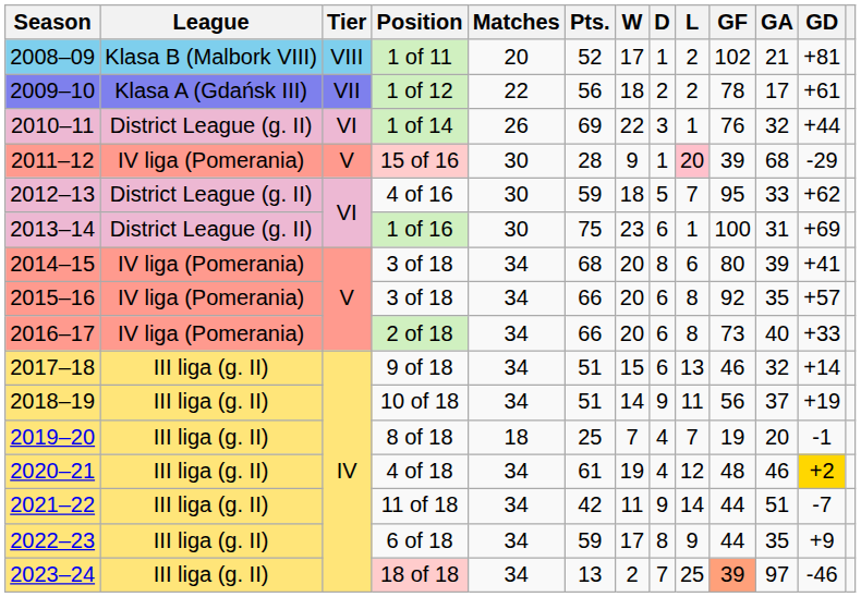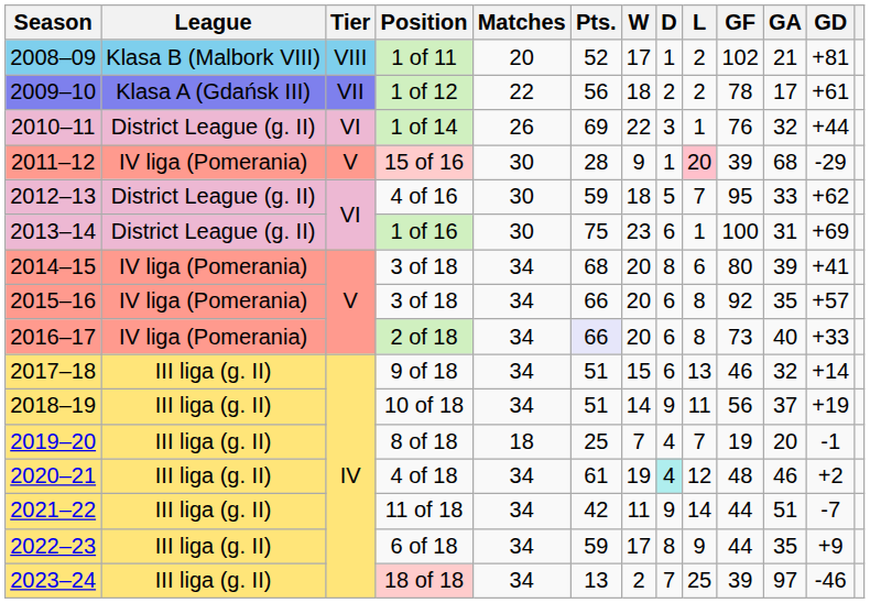 <table class="wikitable" style="text-align: center">
 <tr>
 <th>Season</th>
 <th>League</th>
 <th>Tier</th>
 <th>Position</th>
 <th>Matches</th>
 <th>Pts.</th>
 <th>W</th>
 <th>D</th>
 <th>L</th>
 <th>GF</th>
 <th>GA</th>
 <th>GD</th>
 <th></th>
 </tr>
 <tr>
 <td bgcolor="#7ECFED">2008–09</td>
 <td bgcolor="#7ECFED">Klasa B (Malbork VIII)</td>
 <td bgcolor="#7ECFED">VIII</td>
 <td bgcolor="#D0F0C0">1 of 11</td>
 <td>20</td>
 <td>52</td>
 <td>17</td>
 <td>1</td>
 <td>2</td>
 <td>102</td>
 <td>21</td>
 <td>+81</td>
 <td></td>
 </tr>
 <tr>
 <td bgcolor="7E80ED">2009–10</td>
 <td bgcolor="#7E80ED">Klasa A (Gdańsk III)</td>
 <td bgcolor="#7E80ED">VII</td>
 <td bgcolor="#D0F0C0">1 of 12</td>
 <td>22</td>
 <td>56</td>
 <td>18</td>
 <td>2</td>
 <td>2</td>
 <td>78</td>
 <td>17</td>
 <td>+61</td>
 <td></td>
 </tr>
 <tr>
 <td bgcolor="#EDB8D3">2010–11</td>
 <td bgcolor="#EDB8D3">District League (g. II)</td>
 <td bgcolor="#EDB8D3">VI</td>
 <td bgcolor="#D0F0C0">1 of 14</td>
 <td>26</td>
 <td>69</td>
 <td>22</td>
 <td>3</td>
 <td>1</td>
 <td>76</td>
 <td>32</td>
 <td>+44</td>
 <td></td>
 </tr>
 <tr>
 <td bgcolor="#ff9a8e">2011–12</td>
 <td bgcolor="#ff9a8e">IV liga (Pomerania)</td>
 <td bgcolor="#ff9a8e">V</td>
 <td bgcolor="#FFCCCC">15 of 16</td>
 <td>30</td>
 <td>28</td>
 <td>9</td>
 <td>1</td>
 <td style="background: pink;">20</td>
 <td>39</td>
 <td>68</td>
 <td>-29</td>
 <td></td>
 </tr>
 <tr>
 <td bgcolor="#EDB8D3">2012–13</td>
 <td bgcolor="#EDB8D3">District League (g. II)</td>
 <td bgcolor="#EDB8D3" rowspan=2>VI</td>
 <td>4 of 16</td>
 <td>30</td>
 <td>59</td>
 <td>18</td>
 <td>5</td>
 <td>7</td>
 <td>95</td>
 <td>33</td>
 <td>+62</td>
 <td></td>
 </tr>
 <tr>
 <td bgcolor="#EDB8D3">2013–14</td>
 <td bgcolor="#EDB8D3">District League (g. II)</td>
 <td bgcolor="#D0F0C0">1 of 16</td>
 <td>30</td>
 <td>75</td>
 <td>23</td>
 <td>6</td>
 <td>1</td>
 <td>100</td>
 <td>31</td>
 <td>+69</td>
 <td></td>
 </tr>
 <tr>
 <td bgcolor="#ff9a8e">2014–15</td>
 <td bgcolor="#ff9a8e">IV liga (Pomerania)</td>
 <td bgcolor="#ff9a8e" rowspan=3>V</td>
 <td>3 of 18</td>
 <td>34</td>
 <td>68</td>
 <td>20</td>
 <td>8</td>
 <td>6</td>
 <td>80</td>
 <td>39</td>
 <td>+41</td>
 <td></td>
 </tr>
 <tr>
 <td bgcolor="#ff9a8e">2015–16</td>
 <td bgcolor="#ff9a8e">IV liga (Pomerania)</td>
 <td>3 of 18</td>
 <td>34</td>
 <td>66</td>
 <td>20</td>
 <td>6</td>
 <td>8</td>
 <td>92</td>
 <td>35</td>
 <td>+57</td>
 <td></td>
 </tr>
 <tr>
 <td bgcolor="#ff9a8e">2016–17</td>
 <td bgcolor="#ff9a8e">IV liga (Pomerania)</td>
 <td bgcolor="#D0F0C0">2 of 18</td>
 <td>34</td>
-<td>66</td>
+<td style="background: lavender;">66</td>
 <td>20</td>
 <td>6</td>
 <td>8</td>
 <td>73</td>
 <td>40</td>
 <td>+33</td>
 <td></td>
 </tr>
 <tr>
 <td bgcolor=#ffe579>2017–18</td>
 <td bgcolor=#ffe579>III liga (g. II)</td>
 <td bgcolor=#ffe579 rowspan=7>IV</td>
 <td>9 of 18</td>
 <td>34</td>
 <td>51</td>
 <td>15</td>
 <td>6</td>
 <td>13</td>
 <td>46</td>
 <td>32</td>
 <td>+14</td>
 <td></td>
 </tr>
 <tr>
 <td bgcolor=#ffe579>2018–19</td>
 <td bgcolor=#ffe579>III liga (g. II)</td>
 <td>10 of 18</td>
 <td>34</td>
 <td>51</td>
 <td>14</td>
 <td>9</td>
 <td>11</td>
 <td>56</td>
 <td>37</td>
 <td>+19</td>
 <td></td>
 </tr>
 <tr>
 <td bgcolor=#ffe579><a href='#'>2019–20</a></td>
 <td bgcolor=#ffe579>III liga (g. II)</td>
 <td>8 of 18</td>
 <td>18</td>
 <td>25</td>
 <td>7</td>
 <td>4</td>
 <td>7</td>
 <td>19</td>
 <td>20</td>
 <td>-1</td>
 <td></td>
 </tr>
 <tr>
 <td bgcolor=#ffe579><a href='#'>2020–21</a></td>
 <td bgcolor=#ffe579>III liga (g. II)</td>
 <td>4 of 18</td>
 <td>34</td>
 <td>61</td>
 <td>19</td>
-<td>4</td>
+<td style="background: paleturquoise;">4</td>
 <td>12</td>
 <td>48</td>
 <td>46</td>
-<td style="background: gold;">+2</td>
+<td>+2</td>
 <td></td>
 </tr>
 <tr>
 <td bgcolor=#ffe579><a href='#'>2021–22</a></td>
 <td bgcolor=#ffe579>III liga (g. II)</td>
 <td>11 of 18</td>
 <td>34</td>
 <td>42</td>
 <td>11</td>
 <td>9</td>
 <td>14</td>
 <td>44</td>
 <td>51</td>
 <td>-7</td>
 <td></td>
 </tr>
 <tr>
 <td bgcolor=#ffe579><a href='#'>2022–23</a></td>
 <td bgcolor=#ffe579>III liga (g. II)</td>
 <td>6 of 18</td>
 <td>34</td>
 <td>59</td>
 <td>17</td>
 <td>8</td>
 <td>9</td>
 <td>44</td>
 <td>35</td>
 <td>+9</td>
 <td></td>
 </tr>
 <tr>
 <td bgcolor=#ffe579><a href='#'>2023–24</a></td>
 <td bgcolor=#ffe579>III liga (g. II)</td>
 <td bgcolor="#FFCCCC">18 of 18</td>
 <td>34</td>
 <td>13</td>
 <td>2</td>
 <td>7</td>
 <td>25</td>
-<td style="background: lightsalmon;">39</td>
+<td>39</td>
 <td>97</td>
 <td>-46</td>
 <td></td>
 </tr>
 </table>
